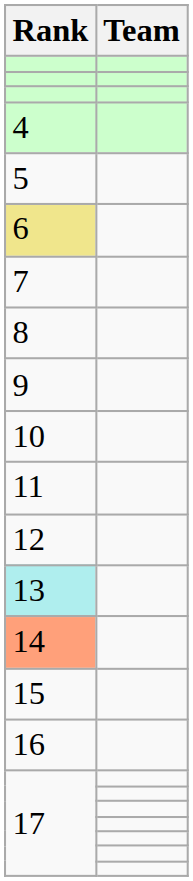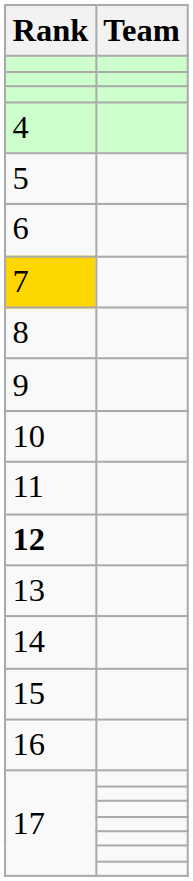 <table class="wikitable">
 <tr>
 <th>Rank</th>
 <th>Team</th>
 </tr>
 <tr bgcolor="#ccffcc">
 <td></td>
 <td></td>
 </tr>
 <tr bgcolor="#ccffcc">
 <td></td>
 <td></td>
 </tr>
 <tr bgcolor="#ccffcc">
 <td></td>
 <td></td>
 </tr>
 <tr bgcolor="#ccffcc">
 <td>4</td>
 <td></td>
 </tr>
 <tr>
 <td>5</td>
 <td></td>
 </tr>
 <tr>
-<td style="background: khaki;">6</td>
+<td>6</td>
 <td></td>
 </tr>
 <tr>
-<td>7</td>
+<td style="background: gold;">7</td>
 <td></td>
 </tr>
 <tr>
 <td>8</td>
 <td></td>
 </tr>
 <tr>
 <td>9</td>
 <td></td>
 </tr>
 <tr>
 <td>10</td>
 <td></td>
 </tr>
 <tr>
 <td>11</td>
 <td></td>
 </tr>
 <tr>
-<td>12</td>
+<td><strong>12</strong></td>
 <td></td>
 </tr>
 <tr>
-<td style="background: paleturquoise;">13</td>
+<td>13</td>
 <td></td>
 </tr>
 <tr>
-<td style="background: lightsalmon;">14</td>
+<td>14</td>
 <td></td>
 </tr>
 <tr>
 <td>15</td>
 <td></td>
 </tr>
 <tr>
 <td>16</td>
 <td></td>
 </tr>
 <tr>
 <td rowspan=7>17</td>
 <td></td>
 </tr>
 <tr>
 <td></td>
 </tr>
 <tr>
 <td></td>
 </tr>
 <tr>
 <td></td>
 </tr>
 <tr>
 <td></td>
 </tr>
 <tr>
 <td></td>
 </tr>
 <tr>
 <td></td>
 </tr>
 </table>
